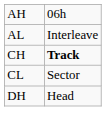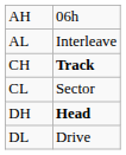 <table class="wikitable">
 <tr>
 <td width="41%">AH</td>
 <td width="59%">06h</td>
 </tr>
 <tr>
 <td width="41%">AL</td>
 <td width="59%">Interleave</td>
 </tr>
 <tr>
 <td width="41%">CH</td>
 <td width="59%"><strong>Track</strong></td>
 </tr>
 <tr>
 <td width="41%">CL</td>
 <td width="59%">Sector</td>
 </tr>
 <tr>
 <td width="41%">DH</td>
-<td width="59%">Head</td>
+<td width="59%"><strong>Head</strong></td>
+</tr>
+<tr>
+<td width="41%">DL</td>
+<td width="59%">Drive</td>
 </tr>
 </table>
